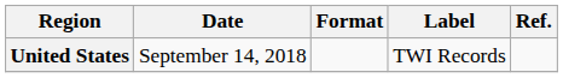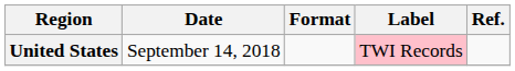 <table class="wikitable plainrowheaders">
 <tr>
 <th scope="col">Region</th>
 <th scope="col">Date</th>
 <th scope="col">Format</th>
 <th scope="col">Label</th>
 <th scope="col">Ref.</th>
 </tr>
 <tr>
 <th scope="row">United States</th>
 <td>September 14, 2018</td>
 <td></td>
-<td>TWI Records</td>
+<td style="background: pink;">TWI Records</td>
 <td></td>
 </tr>
 <tr>
 </tr>
 </table>
